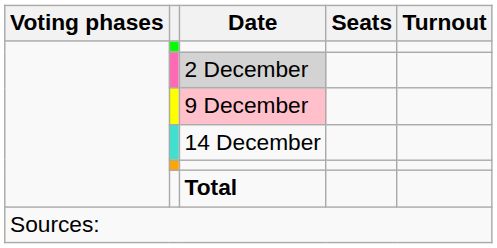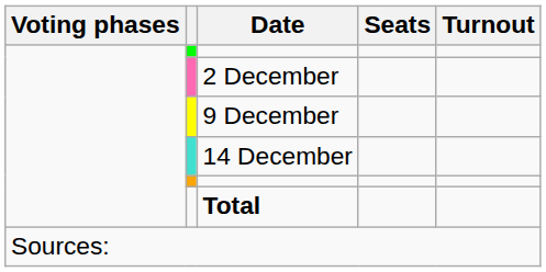 <table class="wikitable" style="float:right;">
 <tr>
 <th>Voting phases</th>
 <th></th>
 <th>Date</th>
 <th>Seats</th>
 <th>Turnout</th>
 </tr>
 <tr>
 <td rowspan="6"></td>
 <td style="background:#0f0;"></td>
 <td></td>
 <td></td>
 <td></td>
 </tr>
 <tr>
 <td style="background:hotPink;"></td>
-<td style="background: lightgrey;">2 December</td>
+<td>2 December</td>
 <td></td>
 <td></td>
 </tr>
 <tr>
 <td style="background:#ff0;"></td>
-<td style="background: pink;">9 December</td>
+<td>9 December</td>
 <td></td>
 <td></td>
 </tr>
 <tr>
 <td style="background:#40e0d0;"></td>
 <td>14 December</td>
 <td></td>
 <td></td>
 </tr>
 <tr>
 <td style="background:orange;"></td>
 <td></td>
 <td></td>
 <td></td>
 </tr>
 <tr>
 <td></td>
 <td><strong>Total</strong></td>
 <td></td>
 <td></td>
 </tr>
 <tr>
 <td colspan="5">Sources:</td>
 </tr>
 </table>
